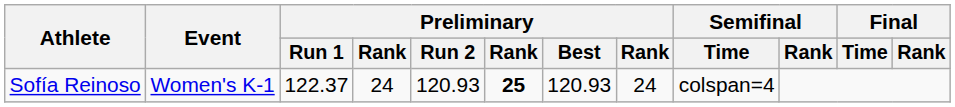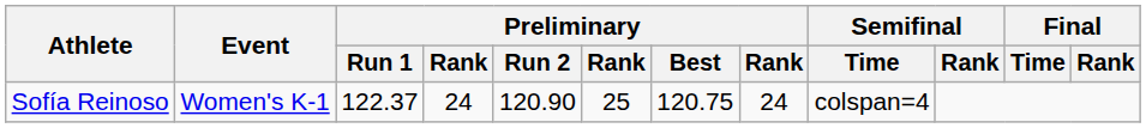 <table class="wikitable" style="font-size:90%">
 <tr>
 <th rowspan=2>Athlete</th>
 <th rowspan=2>Event</th>
 <th colspan=6>Preliminary</th>
 <th colspan=2>Semifinal</th>
 <th colspan=2>Final</th>
 </tr>
 <tr style="font-size:95%">
 <th>Run 1</th>
 <th>Rank</th>
 <th>Run 2</th>
 <th>Rank</th>
 <th>Best</th>
 <th>Rank</th>
 <th>Time</th>
 <th>Rank</th>
 <th>Time</th>
 <th>Rank</th>
 </tr>
 <tr align=center>
 <td align=left><a href='#'>Sofía Reinoso</a></td>
 <td align=left><a href='#'>Women's K-1</a></td>
 <td>122.37</td>
 <td>24</td>
-<td>120.93</td>
-<td><strong>25</strong></td>
-<td>120.93</td>
+<td>120.90</td>
+<td>25</td>
+<td>120.75</td>
 <td>24</td>
 <td>colspan=4</td>
 </tr>
 </table>
